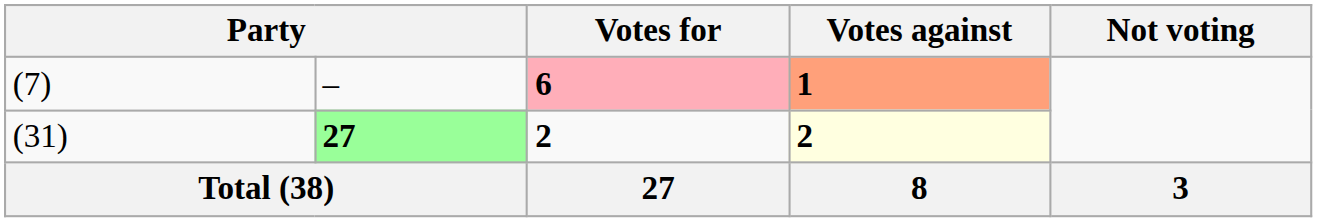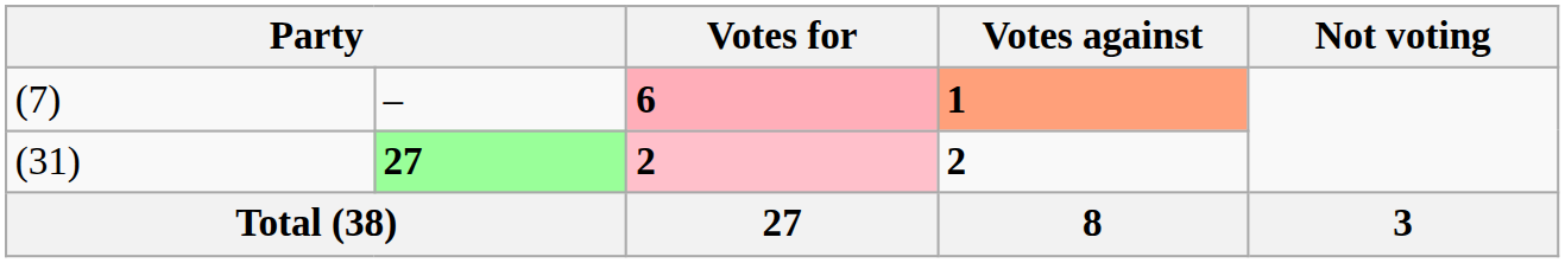 <table class="wikitable" style="width:50%;">
 <tr>
 <th colspan="2">Party</th>
 <th style="width:20%;">Votes for</th>
 <th style="width:20%;">Votes against</th>
 <th style="width:20%;">Not voting</th>
 </tr>
 <tr>
 <td> (7)</td>
 <td>–</td>
 <td style="background-color:#ffaeb9;"><strong>6</strong></td>
 <td style="background: lightsalmon;"><strong>1</strong></td>
 </tr>
 <tr>
 <td> (31)</td>
 <td style="background-color:#9f9;"><strong>27</strong></td>
+<td style="background: pink;"><strong>2</strong></td>
 <td><strong>2</strong></td>
-<td style="background: lightyellow;"><strong>2</strong></td>
 </tr>
 <tr>
 <th colspan="2">Total (38)</th>
 <th>27</th>
 <th>8</th>
 <th>3</th>
 </tr>
 </table>
